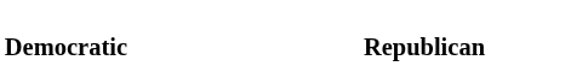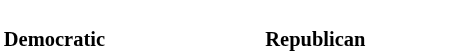 <table style="width:70%; text-align:center;">
 <tr style="color:white;">
 <td style="background:"><strong>313</strong></td>
+<td style="background:"><strong>117</strong></td>
 <td style="background:"><strong>5</strong></td>
-<td style="background:"><strong>117</strong></td>
 </tr>
 <tr>
 <td><span><strong>Democratic</strong></span></td>
+<td><span><strong>Republican</strong></span></td>
 <td></td>
-<td><span><strong>Republican</strong></span></td>
 </tr>
 </table>
